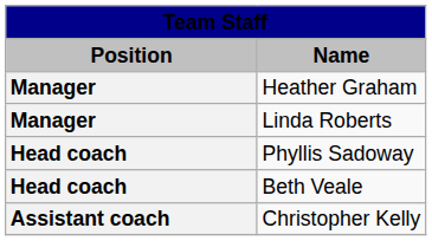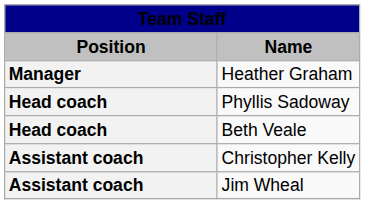 <table class="wikitable" style="text-align:left; font-size:90%;">
 <tr>
 <th style=background:DarkBlue colspan=2><span>Team Staff</span></th>
 </tr>
 <tr>
 <th width=60% style="background:silver;">Position</th>
 <th style="background:silver;">Name</th>
 </tr>
 <tr>
 <th style="text-align:left;">Manager</th>
 <td>Heather Graham</td>
-</tr>
-<tr>
-<th style="text-align:left;">Manager</th>
-<td>Linda Roberts</td>
 </tr>
 <tr>
 <th style="text-align:left;">Head coach⁣</th>
 <td>Phyllis Sadoway</td>
 </tr>
 <tr>
 <th style="text-align:left;">Head coach⁣</th>
 <td>Beth Veale</td>
 </tr>
 <tr>
 <th style="text-align:left;">Assistant coach⁣</th>
 <td>Christopher Kelly</td>
 </tr>
 <tr>
+<th style="text-align:left;">Assistant coach⁣</th>
+<td>Jim Wheal</td>
+</tr>
+<tr>
 </tr>
 </table>
